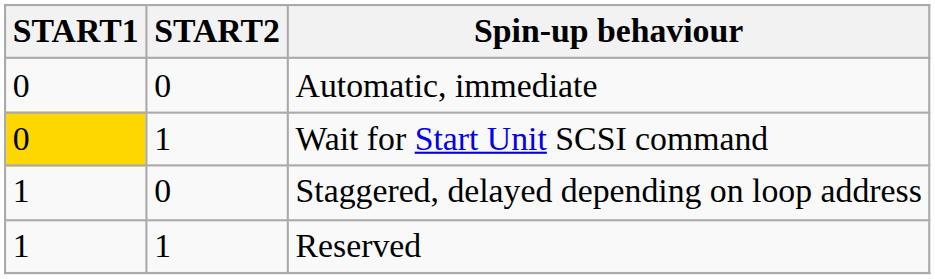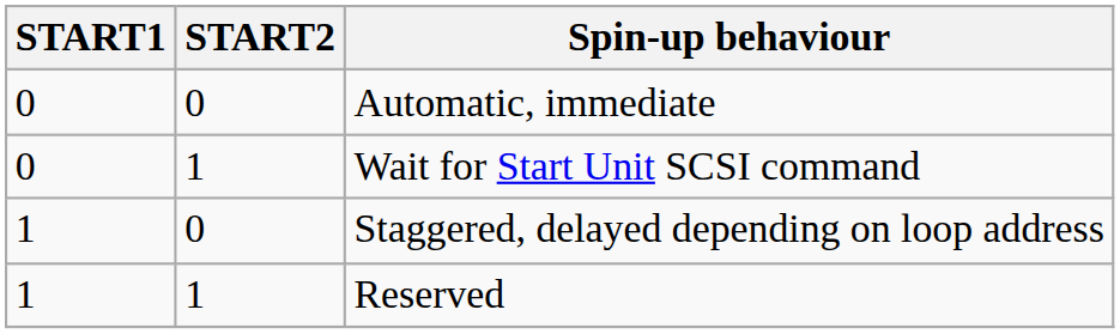 <table class="wikitable">
 <tr>
 <th>START1</th>
 <th>START2</th>
 <th>Spin-up behaviour</th>
 </tr>
 <tr>
 <td>0</td>
 <td>0</td>
 <td>Automatic, immediate</td>
 </tr>
 <tr>
-<td style="background: gold;">0</td>
+<td>0</td>
 <td>1</td>
 <td>Wait for <a href='#'>Start Unit</a> SCSI command</td>
 </tr>
 <tr>
 <td>1</td>
 <td>0</td>
 <td>Staggered, delayed depending on loop address</td>
 </tr>
 <tr>
 <td>1</td>
 <td>1</td>
 <td>Reserved</td>
 </tr>
 <tr>
 </tr>
 </table>
